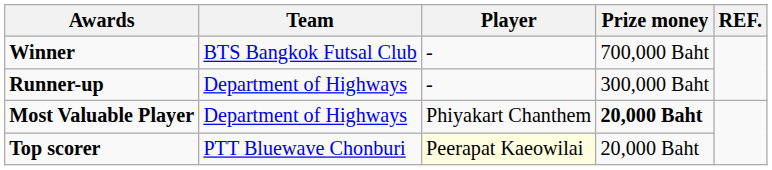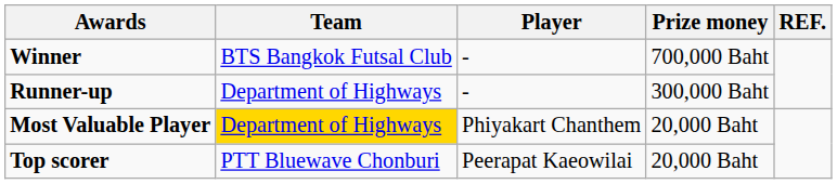 <table class="wikitable">
 <tr>
 <th>Awards</th>
 <th>Team</th>
 <th>Player</th>
 <th>Prize money</th>
 <th>REF.</th>
 </tr>
 <tr>
 <td><strong> Winner</strong></td>
 <td><a href='#'>BTS Bangkok Futsal Club</a></td>
 <td>-</td>
 <td>700,000 Baht</td>
 <td rowspan="2"></td>
 </tr>
 <tr>
 <td><strong> Runner-up</strong></td>
 <td><a href='#'>Department of Highways</a></td>
 <td>-</td>
 <td>300,000 Baht</td>
 </tr>
 <tr>
 <td><strong>Most Valuable Player</strong></td>
-<td><a href='#'>Department of Highways</a></td>
+<td style="background: gold;"><a href='#'>Department of Highways</a></td>
 <td>Phiyakart Chanthem</td>
-<td><strong>20,000 Baht</strong></td>
+<td>20,000 Baht</td>
 <td rowspan="2"></td>
 </tr>
 <tr>
 <td><strong>Top scorer</strong></td>
 <td><a href='#'>PTT Bluewave Chonburi</a></td>
-<td style="background: lightyellow;">Peerapat Kaeowilai</td>
+<td>Peerapat Kaeowilai</td>
 <td>20,000 Baht</td>
 </tr>
 </table>
